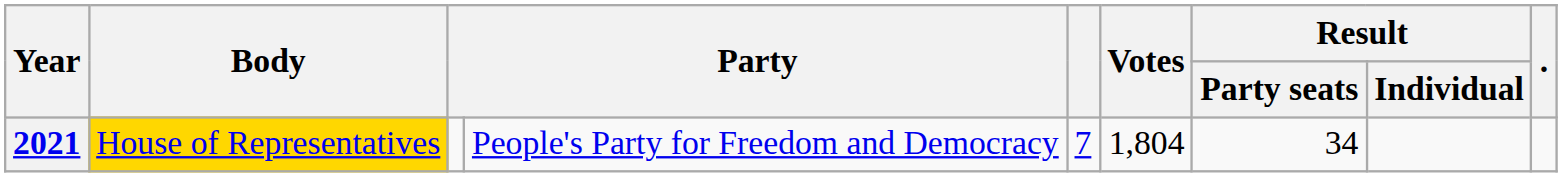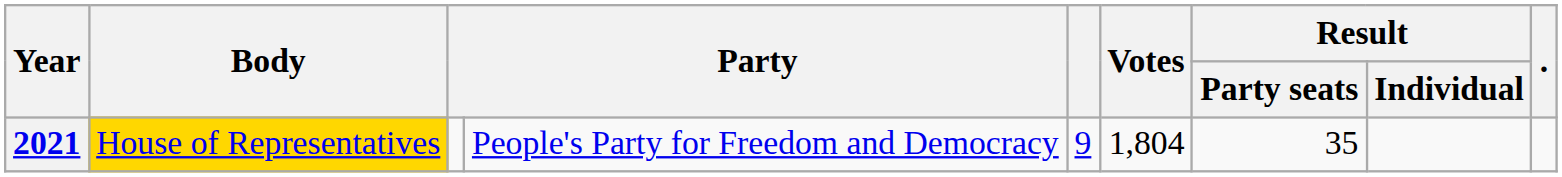 <table class="wikitable plainrowheaders sortable" border=2 cellpadding=4 cellspacing=0 style="border: 1px #aaa solid; font-size: 90%; text-align:center;">
 <tr>
 <th scope="col" rowspan=2>Year</th>
 <th scope="col" rowspan=2>Body</th>
 <th scope="col" colspan=2 rowspan=2>Party</th>
 <th scope="col" rowspan=2></th>
 <th scope="col" rowspan=2>Votes</th>
 <th scope="colgroup" colspan=2>Result</th>
 <th scope="col" rowspan=2 class="unsortable">.</th>
 </tr>
 <tr>
 <th scope="col">Party seats</th>
 <th scope="col">Individual</th>
 </tr>
 <tr>
 <th scope="row"><a href='#'>2021</a></th>
 <td style="background: gold;"><a href='#'>House of Representatives</a></td>
 <td style="background-color:"></td>
 <td><a href='#'>People's Party for Freedom and Democracy</a></td>
-<td style=text-align:right><a href='#'>7</a></td>
+<td style=text-align:right><a href='#'>9</a></td>
 <td style=text-align:right>1,804</td>
-<td style=text-align:right>34</td>
+<td style=text-align:right>35</td>
 <td></td>
 <td></td>
 </tr>
 </table>
